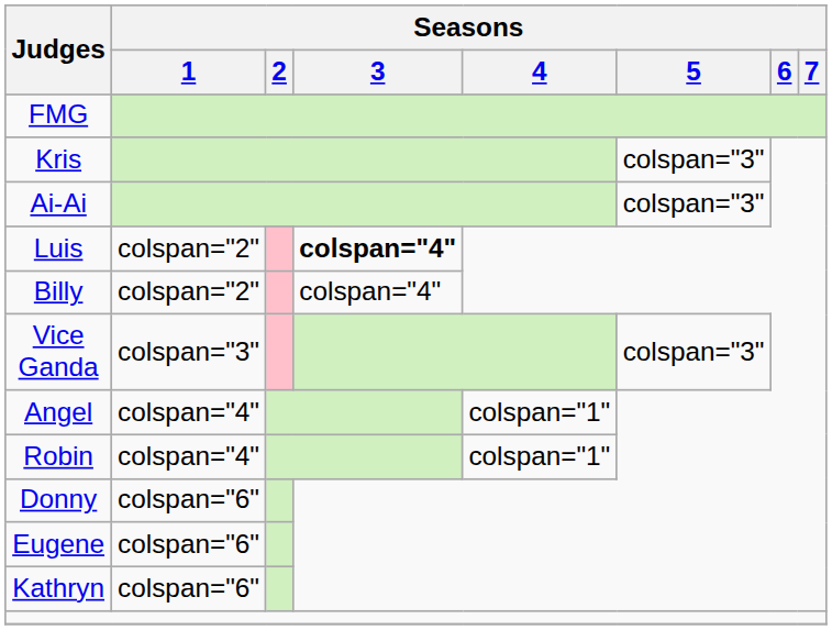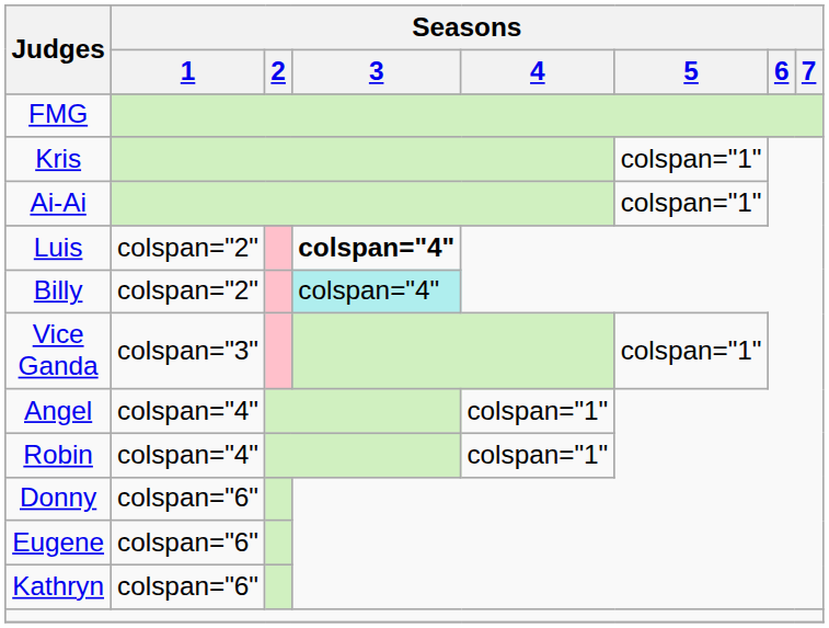 <table class="wikitable collapsible collapsed floatleft" style="width:35%; font-size:90%; line-height:17px;">
 <tr>
 <th rowspan="2" width="05%">Judges</th>
 <th colspan="7" =text-align:center;>Seasons</th>
 </tr>
 <tr>
 <th width="05%"><a href='#'>1</a></th>
 <th width="05%"><a href='#'>2</a></th>
 <th width="05%"><a href='#'>3</a></th>
 <th width="05%"><a href='#'>4</a></th>
 <th width="05%"><a href='#'>5</a></th>
 <th width="05%"><a href='#'>6</a></th>
 <th width="05%"><a href='#'>7</a></th>
 </tr>
 <tr>
 <td style="text-align:center;"><a href='#'>FMG</a></td>
 <td colspan="7" style="text-align:center; background:#d0f0c0;"></td>
 </tr>
 <tr>
 <td style="text-align:center;"><a href='#'>Kris</a></td>
 <td colspan="4" style="text-align:center; background:#d0f0c0;"></td>
-<td>colspan="3" </td>
+<td>colspan="1" </td>
 </tr>
 <tr>
 <td style="text-align:center;"><a href='#'>Ai-Ai</a></td>
 <td colspan="4" style="text-align:center; background:#d0f0c0;"></td>
-<td>colspan="3" </td>
+<td>colspan="1" </td>
 </tr>
 <tr>
 <td style="text-align:center;"><a href='#'>Luis</a></td>
 <td>colspan="2" </td>
 <td colspan="1" style="background:pink;"></td>
 <td><strong>colspan="4" </strong></td>
 </tr>
 <tr>
 <td style="text-align:center;"><a href='#'>Billy</a></td>
 <td>colspan="2" </td>
 <td colspan="1" style="background:pink;"></td>
-<td>colspan="4" </td>
+<td style="background: paleturquoise;">colspan="4" </td>
 </tr>
 <tr>
 <td style="text-align:center;"><a href='#'>Vice Ganda</a></td>
 <td>colspan="3" </td>
 <td colspan="1" style="background:pink;"></td>
 <td colspan="2" style="background:#d0f0c0"></td>
-<td>colspan="3" </td>
+<td>colspan="1" </td>
 </tr>
 <tr>
 <td style="text-align:center;"><a href='#'>Angel</a></td>
 <td>colspan="4" </td>
 <td colspan="2" style="background:#d0f0c0"></td>
 <td>colspan="1" </td>
 </tr>
 <tr>
 <td style="text-align:center;"><a href='#'>Robin</a></td>
 <td>colspan="4" </td>
 <td colspan="2" style="background:#d0f0c0"></td>
 <td>colspan="1" </td>
 </tr>
 <tr>
 <td style="text-align:center;"><a href='#'>Donny</a></td>
 <td>colspan="6" </td>
 <td colspan="1" style="background:#d0f0c0"></td>
 </tr>
 <tr>
 <td style="text-align:center;"><a href='#'>Eugene</a></td>
 <td>colspan="6" </td>
 <td colspan="1" style="background:#d0f0c0"></td>
 </tr>
 <tr>
 <td style="text-align:center;"><a href='#'>Kathryn</a></td>
 <td>colspan="6" </td>
 <td colspan="1" style="background:#d0f0c0"></td>
 </tr>
 <tr>
 <td colspan="8"></td>
 </tr>
 <tr>
 </tr>
 </table>
